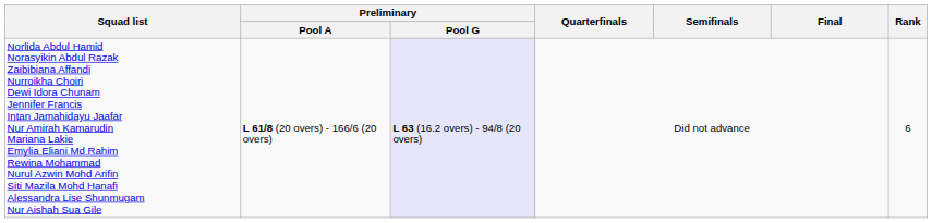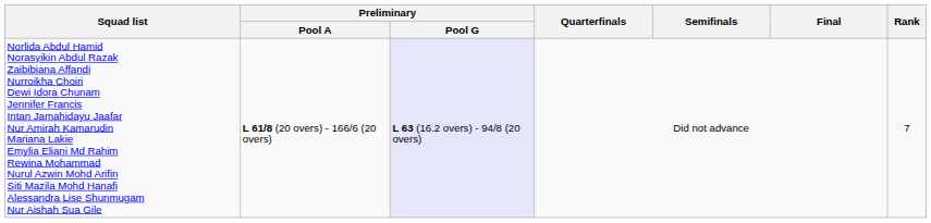 <table class=wikitable width="100%" style="font-size:90%; text-align:center">
 <tr>
 <th rowspan="2" width=20%>Squad list</th>
 <th colspan="2" width=25%>Preliminary</th>
 <th rowspan="2" width=10%>Quarterfinals</th>
 <th rowspan="2" width=10%>Semifinals</th>
 <th rowspan="2" width=10%>Final</th>
 <th rowspan="2" width=3%>Rank</th>
 </tr>
 <tr>
 <th>Pool A</th>
 <th>Pool G</th>
 </tr>
 <tr>
 <td align=left><a href='#'>Norlida Abdul Hamid</a><br><a href='#'>Norasyikin Abdul Razak</a><br><a href='#'>Zaibibiana Affandi</a><br><a href='#'>Nurroikha Choiri</a><br><a href='#'>Dewi Idora Chunam</a><br><a href='#'>Jennifer Francis</a><br><a href='#'>Intan Jamahidayu Jaafar</a><br><a href='#'>Nur Amirah Kamarudin</a><br><a href='#'>Mariana Lakie</a><br><a href='#'>Emylia Eliani Md Rahim</a><br><a href='#'>Rewina Mohammad</a><br><a href='#'>Nurul Azwin Mohd Arifin</a><br><a href='#'>Siti Mazila Mohd Hanafi</a><br><a href='#'>Alessandra Lise Shunmugam</a><br><a href='#'>Nur Aishah Sua Gile</a></td>
 <td align=left><br><strong>L 61/8</strong> (20 overs) - 166/6 (20 overs)</td>
 <td align=left style="background: lavender;"><br><strong>L 63</strong> (16.2 overs) - 94/8 (20 overs)</td>
 <td colspan="3">Did not advance</td>
-<td>6</td>
+<td>7</td>
 </tr>
 </table>
